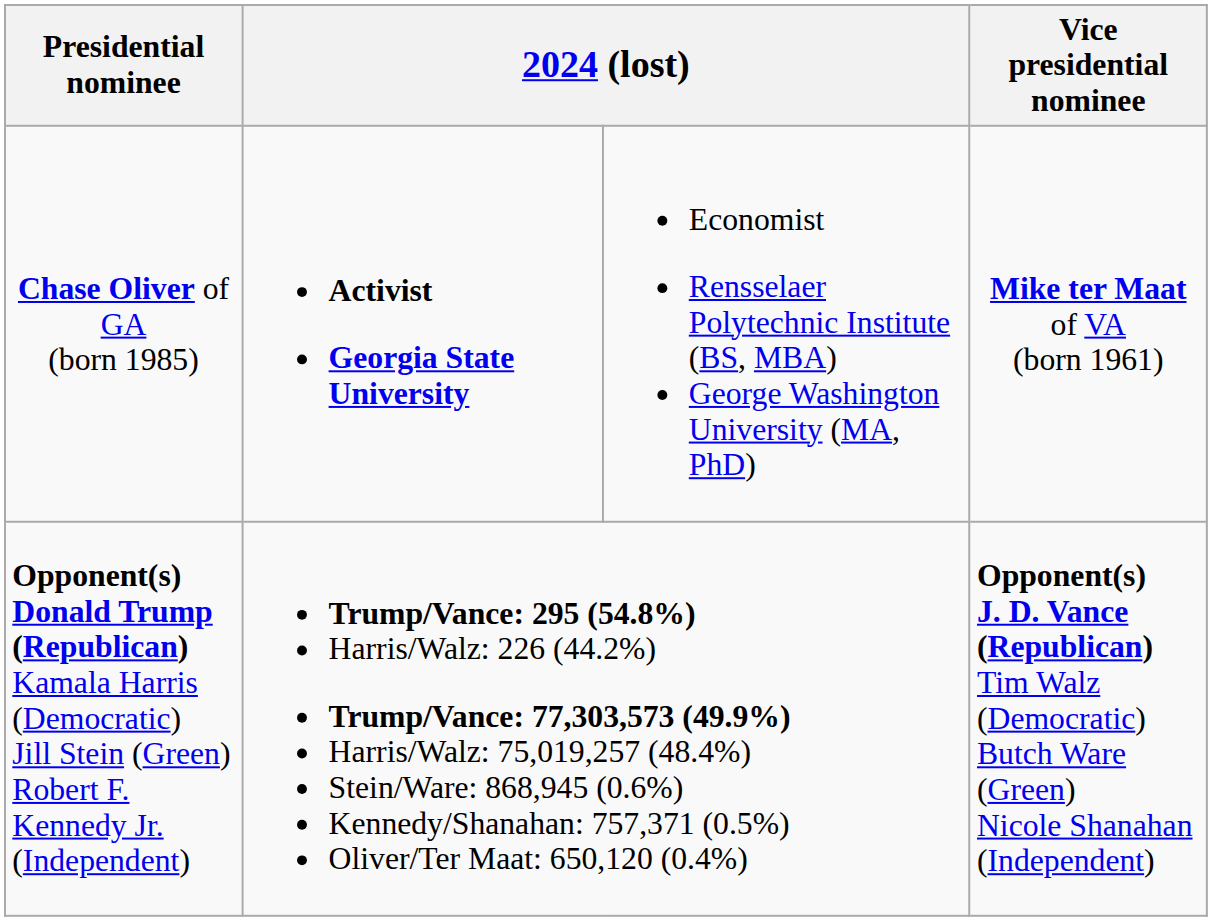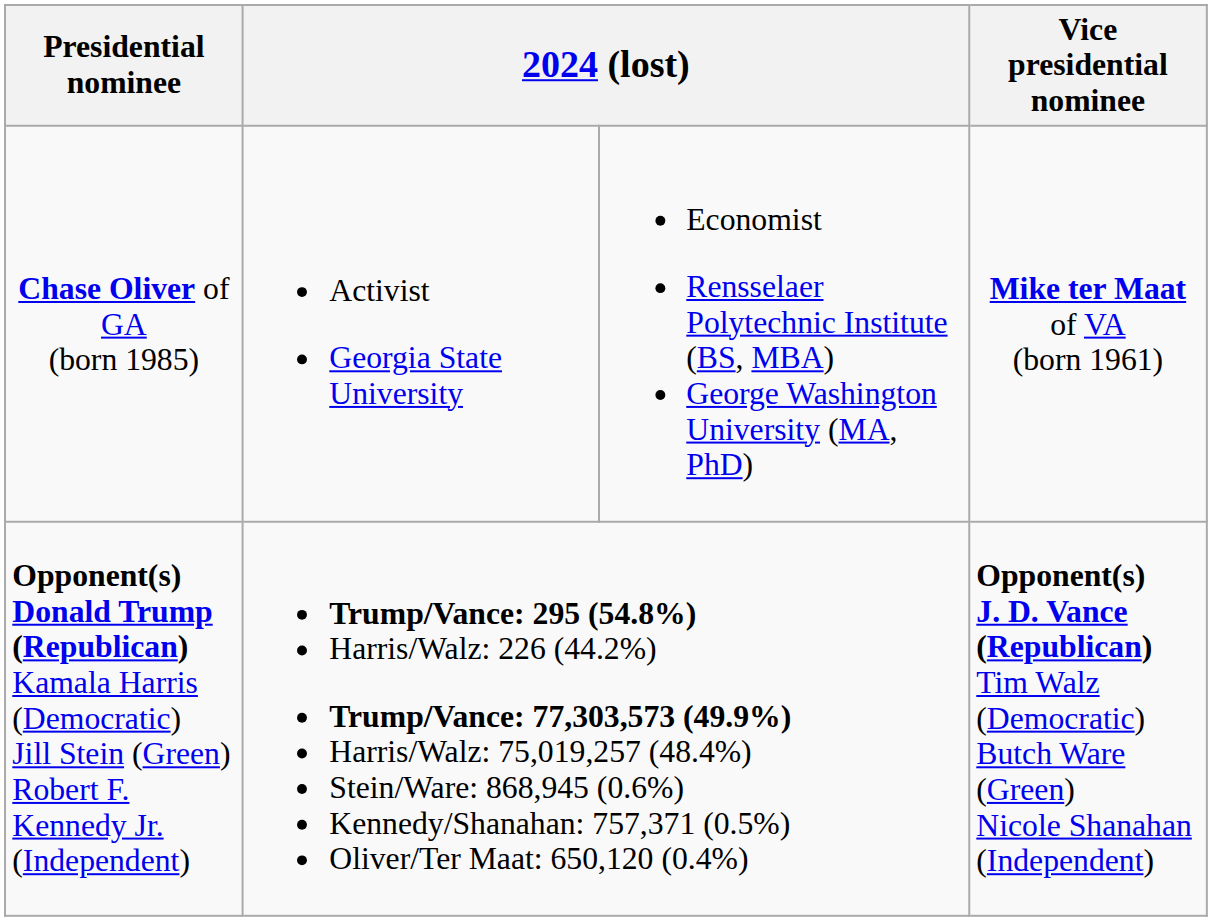 <table class="wikitable">
 <tr>
 <th width=175>Presidential<br>nominee</th>
 <th colspan=2><big><a href='#'>2024</a> (lost)</big></th>
 <th width=175>Vice presidential<br>nominee</th>
 </tr>
 <tr>
 <td style="text-align:center;"><strong><a href='#'>Chase Oliver</a></strong> of <a href='#'>GA</a><br>(born 1985)<br></td>
-<td width=350><strong><br><ul><li>Activist</li></ul><ul><li><a href='#'>Georgia State University</a></li></ul></strong></td>
+<td width=350><br><ul><li>Activist</li></ul><ul><li><a href='#'>Georgia State University</a></li></ul></td>
 <td width=350><br><ul><li>Economist</li></ul><ul><li><a href='#'>Rensselaer Polytechnic Institute</a> (<a href='#'>BS</a>, <a href='#'>MBA</a>)</li><li><a href='#'>George Washington University</a> (<a href='#'>MA</a>, <a href='#'>PhD</a>)</li></ul></td>
 <td style="text-align:center;"><strong><a href='#'>Mike ter Maat</a></strong> of <a href='#'>VA</a><br>(born 1961)<br></td>
 </tr>
 <tr>
 <td><strong>Opponent(s)</strong><br><strong><a href='#'>Donald Trump</a> (<a href='#'>Republican</a>)</strong><br><a href='#'>Kamala Harris</a> (<a href='#'>Democratic</a>)<br><a href='#'>Jill Stein</a> (<a href='#'>Green</a>)<br><a href='#'>Robert F. Kennedy Jr.</a> (<a href='#'>Independent</a>)</td>
 <td colspan=2><br><ul><li><strong>Trump/Vance: 295 (54.8%)</strong></li><li>Harris/Walz: 226 (44.2%)</li></ul><ul><li><strong>Trump/Vance: 77,303,573 (49.9%)</strong></li><li>Harris/Walz: 75,019,257 (48.4%)</li><li>Stein/Ware: 868,945 (0.6%)</li><li>Kennedy/Shanahan: 757,371 (0.5%)</li><li>Oliver/Ter Maat: 650,120 (0.4%)</li></ul></td>
 <td><strong>Opponent(s)</strong><br><strong><a href='#'>J. D. Vance</a> (<a href='#'>Republican</a>)</strong><br><a href='#'>Tim Walz</a> (<a href='#'>Democratic</a>)<br><a href='#'>Butch Ware</a> (<a href='#'>Green</a>)<br><a href='#'>Nicole Shanahan</a> (<a href='#'>Independent</a>)</td>
 </tr>
 </table>
